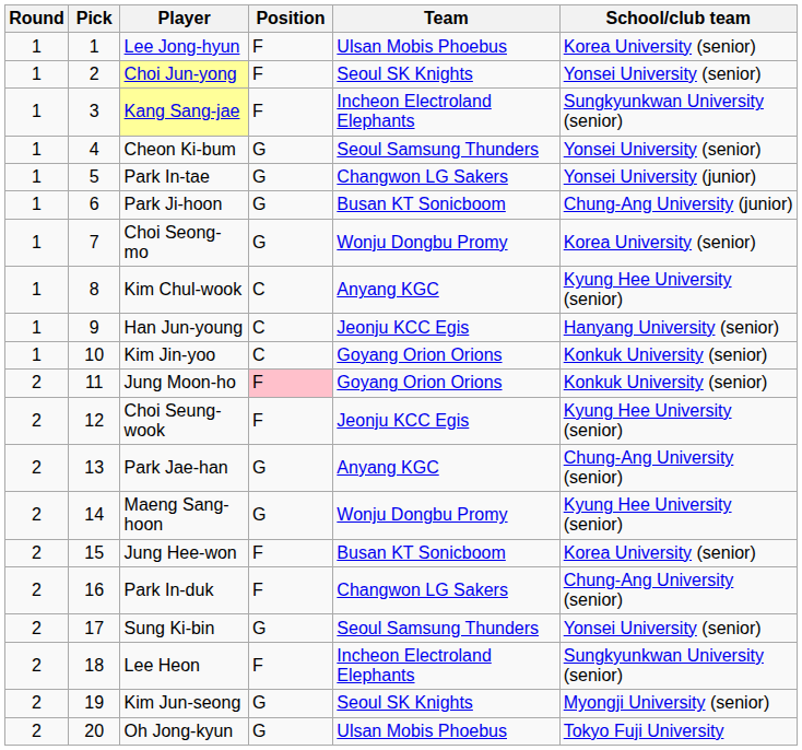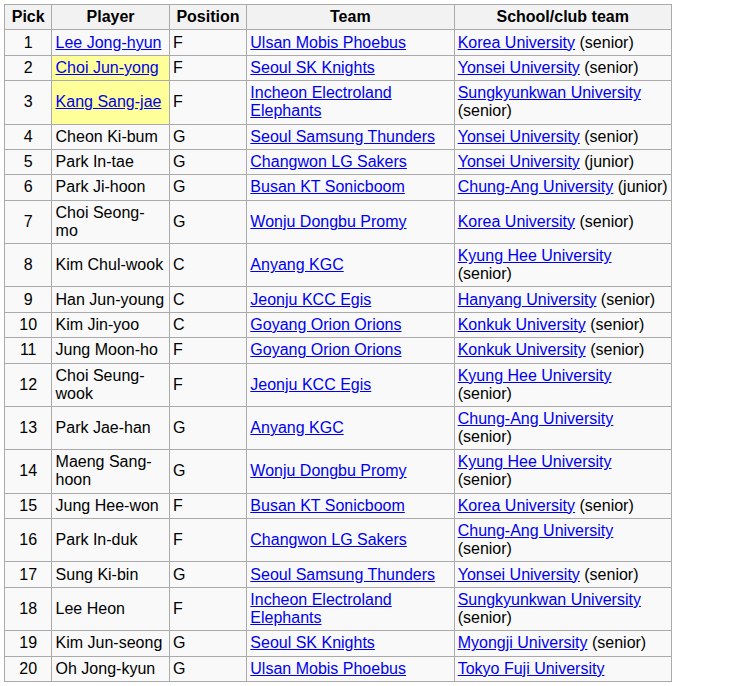 <table class="wikitable sortable sortable">
 <tr>
-<th scope="col" width=40>Round</th>
 <th scope="col" width=40>Pick</th>
 <th scope="col" width=110>Player</th>
 <th scope="col" width=70>Position</th>
 <th scope="col" width=200>Team</th>
 <th scope="col" width=210>School/club team</th>
 </tr>
 <tr>
 <td align=center>1</td>
-<td align=center>1</td>
 <td><a href='#'>Lee Jong-hyun</a></td>
 <td>F</td>
 <td><a href='#'>Ulsan Mobis Phoebus</a></td>
 <td><a href='#'>Korea University</a> (senior)</td>
 </tr>
 <tr>
-<td align=center>1</td>
 <td align=center>2</td>
 <td style="background-color:#FFFF99;"><a href='#'>Choi Jun-yong</a></td>
 <td>F</td>
 <td><a href='#'>Seoul SK Knights</a></td>
 <td><a href='#'>Yonsei University</a> (senior)</td>
 </tr>
 <tr>
-<td align=center>1</td>
 <td align=center>3</td>
 <td style="background-color:#FFFF99;"><a href='#'>Kang Sang-jae</a></td>
 <td>F</td>
 <td><a href='#'>Incheon Electroland Elephants</a></td>
 <td><a href='#'>Sungkyunkwan University</a> (senior)</td>
 </tr>
 <tr>
-<td align=center>1</td>
 <td align=center>4</td>
 <td>Cheon Ki-bum</td>
 <td>G</td>
 <td><a href='#'>Seoul Samsung Thunders</a></td>
 <td><a href='#'>Yonsei University</a> (senior)</td>
 </tr>
 <tr>
-<td align=center>1</td>
 <td align=center>5</td>
 <td>Park In-tae</td>
 <td>G</td>
 <td><a href='#'>Changwon LG Sakers</a></td>
 <td><a href='#'>Yonsei University</a> (junior)</td>
 </tr>
 <tr>
-<td align=center>1</td>
 <td align=center>6</td>
 <td>Park Ji-hoon</td>
 <td>G</td>
 <td><a href='#'>Busan KT Sonicboom</a></td>
 <td><a href='#'>Chung-Ang University</a> (junior)</td>
 </tr>
 <tr>
-<td align=center>1</td>
 <td align=center>7</td>
 <td>Choi Seong-mo</td>
 <td>G</td>
 <td><a href='#'>Wonju Dongbu Promy</a></td>
 <td><a href='#'>Korea University</a> (senior)</td>
 </tr>
 <tr>
-<td align=center>1</td>
 <td align=center>8</td>
 <td>Kim Chul-wook</td>
 <td>C</td>
 <td><a href='#'>Anyang KGC</a></td>
 <td><a href='#'>Kyung Hee University</a> (senior)</td>
 </tr>
 <tr>
-<td align=center>1</td>
 <td align=center>9</td>
 <td>Han Jun-young</td>
 <td>C</td>
 <td><a href='#'>Jeonju KCC Egis</a></td>
 <td><a href='#'>Hanyang University</a> (senior)</td>
 </tr>
 <tr>
-<td align=center>1</td>
 <td align=center>10</td>
 <td>Kim Jin-yoo</td>
 <td>C</td>
 <td><a href='#'>Goyang Orion Orions</a></td>
 <td><a href='#'>Konkuk University</a> (senior)</td>
 </tr>
 <tr>
-<td align=center>2</td>
 <td align=center>11</td>
 <td>Jung Moon-ho</td>
-<td style="background: pink;">F</td>
+<td>F</td>
 <td><a href='#'>Goyang Orion Orions</a></td>
 <td><a href='#'>Konkuk University</a> (senior)</td>
 </tr>
 <tr>
-<td align=center>2</td>
 <td align=center>12</td>
 <td>Choi Seung-wook</td>
 <td>F</td>
 <td><a href='#'>Jeonju KCC Egis</a></td>
 <td><a href='#'>Kyung Hee University</a> (senior)</td>
 </tr>
 <tr>
-<td align=center>2</td>
 <td align=center>13</td>
 <td>Park Jae-han</td>
 <td>G</td>
 <td><a href='#'>Anyang KGC</a></td>
 <td><a href='#'>Chung-Ang University</a> (senior)</td>
 </tr>
 <tr>
-<td align=center>2</td>
 <td align=center>14</td>
 <td>Maeng Sang-hoon</td>
 <td>G</td>
 <td><a href='#'>Wonju Dongbu Promy</a></td>
 <td><a href='#'>Kyung Hee University</a> (senior)</td>
 </tr>
 <tr>
-<td align=center>2</td>
 <td align=center>15</td>
 <td>Jung Hee-won</td>
 <td>F</td>
 <td><a href='#'>Busan KT Sonicboom</a></td>
 <td><a href='#'>Korea University</a> (senior)</td>
 </tr>
 <tr>
-<td align=center>2</td>
 <td align=center>16</td>
 <td>Park In-duk</td>
 <td>F</td>
 <td><a href='#'>Changwon LG Sakers</a></td>
 <td><a href='#'>Chung-Ang University</a> (senior)</td>
 </tr>
 <tr>
-<td align=center>2</td>
 <td align=center>17</td>
 <td>Sung Ki-bin</td>
 <td>G</td>
 <td><a href='#'>Seoul Samsung Thunders</a></td>
 <td><a href='#'>Yonsei University</a> (senior)</td>
 </tr>
 <tr>
-<td align=center>2</td>
 <td align=center>18</td>
 <td>Lee Heon</td>
 <td>F</td>
 <td><a href='#'>Incheon Electroland Elephants</a></td>
 <td><a href='#'>Sungkyunkwan University</a> (senior)</td>
 </tr>
 <tr>
-<td align=center>2</td>
 <td align=center>19</td>
 <td>Kim Jun-seong</td>
 <td>G</td>
 <td><a href='#'>Seoul SK Knights</a></td>
 <td><a href='#'>Myongji University</a> (senior)</td>
 </tr>
 <tr>
-<td align=center>2</td>
 <td align=center>20</td>
 <td>Oh Jong-kyun</td>
 <td>G</td>
 <td><a href='#'>Ulsan Mobis Phoebus</a></td>
 <td> <a href='#'>Tokyo Fuji University</a></td>
 </tr>
 </table>
